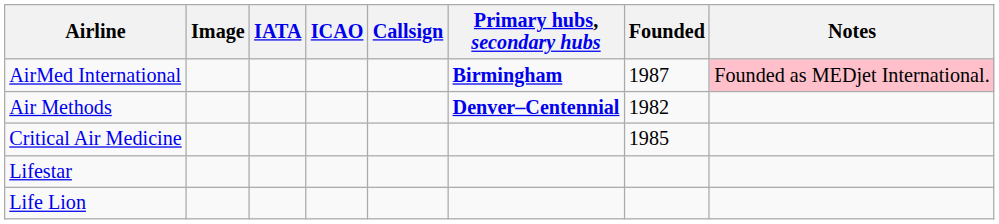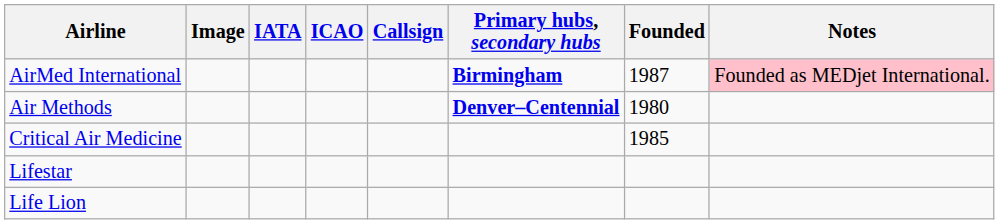 <table class="wikitable sortable" style="border: 0; cellpadding: 2; cellspacing: 3;">
 <tr style="vertical-align:middle;">
 <th>Airline</th>
 <th>Image</th>
 <th><a href='#'>IATA</a></th>
 <th><a href='#'>ICAO</a></th>
 <th><a href='#'>Callsign</a></th>
 <th><a href='#'>Primary hubs</a>, <br> <em><a href='#'>secondary hubs</a></em></th>
 <th>Founded</th>
 <th>Notes</th>
 </tr>
 <tr>
 <td><a href='#'>AirMed International</a></td>
 <td></td>
 <td></td>
 <td></td>
 <td></td>
 <td><strong><a href='#'>Birmingham</a></strong></td>
 <td>1987</td>
 <td style="background: pink;">Founded as MEDjet International.</td>
 </tr>
 <tr>
 <td><a href='#'>Air Methods</a></td>
 <td></td>
 <td></td>
 <td></td>
 <td></td>
 <td><strong><a href='#'>Denver–Centennial</a></strong></td>
-<td>1982</td>
+<td>1980</td>
 <td></td>
 </tr>
 <tr>
 <td><a href='#'>Critical Air Medicine</a></td>
 <td></td>
 <td></td>
 <td></td>
 <td></td>
 <td></td>
 <td>1985</td>
 <td></td>
 </tr>
 <tr>
 <td><a href='#'>Lifestar</a></td>
 <td></td>
 <td></td>
 <td></td>
 <td></td>
 <td></td>
 <td></td>
 <td></td>
 </tr>
 <tr>
 <td><a href='#'>Life Lion</a></td>
 <td></td>
 <td></td>
 <td></td>
 <td></td>
 <td></td>
 <td></td>
 <td></td>
 </tr>
 </table>
